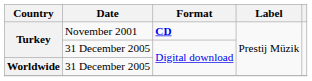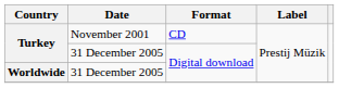 <table class="wikitable plainrowheaders">
 <tr>
 <th scope="col">Country</th>
 <th scope="col">Date</th>
 <th scope="col">Format</th>
 <th scope="col">Label</th>
 <th scope="col"></th>
 </tr>
 <tr>
 <th scope="row" rowspan="2">Turkey</th>
 <td>November 2001</td>
-<td><strong><a href='#'>CD</a></strong></td>
+<td><a href='#'>CD</a></td>
 <td rowspan="3">Prestij Müzik</td>
 <td align="center" rowspan="3"></td>
 </tr>
 <tr>
 <td>31 December 2005</td>
 <td rowspan="2"><a href='#'>Digital download</a></td>
 </tr>
 <tr>
 <th scope="row">Worldwide</th>
 <td>31 December 2005</td>
 </tr>
 <tr>
 </tr>
 </table>
